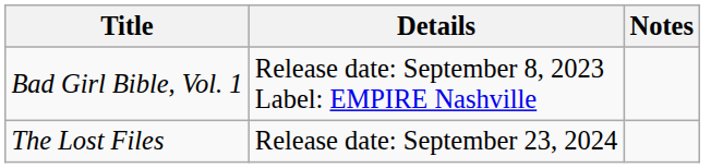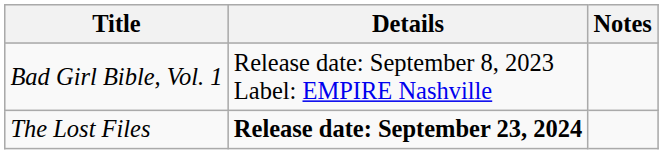 <table class="wikitable">
 <tr>
 <th>Title</th>
 <th>Details</th>
 <th>Notes</th>
 </tr>
 <tr>
 <td><em>Bad Girl Bible, Vol. 1</em></td>
 <td>Release date: September 8, 2023<br>Label: <a href='#'>EMPIRE Nashville</a></td>
 <td></td>
 </tr>
 <tr>
 <td><em>The Lost Files</em></td>
-<td>Release date: September 23, 2024</td>
+<td><strong>Release date: September 23, 2024</strong></td>
 </tr>
 </table>
